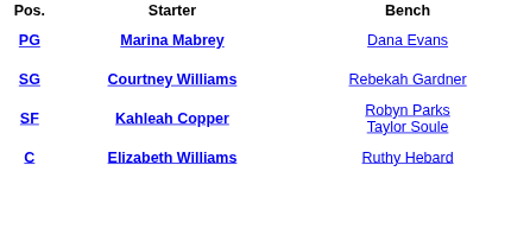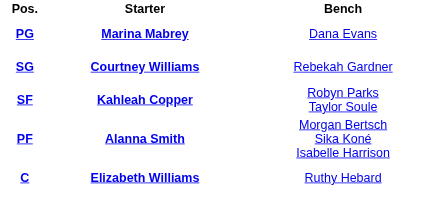 <table style="text-align:center; ">
 <tr>
 <th width="50">Pos.</th>
 <th width="250">Starter</th>
 <th width="250">Bench</th>
 </tr>
 <tr style="height:40px; background:white; color:#092C57">
 <th><a href='#'><span>PG</span></a></th>
 <td><strong><a href='#'>Marina Mabrey</a></strong></td>
 <td><a href='#'>Dana Evans</a></td>
 </tr>
 <tr style="height:40px; background:white; color:#092C57">
 <th><a href='#'><span>SG</span></a></th>
 <td><strong><a href='#'>Courtney Williams</a></strong></td>
 <td><a href='#'>Rebekah Gardner</a></td>
 </tr>
 <tr style="height:40px; background:white; color:#092C57">
 <th><a href='#'><span>SF</span></a></th>
 <td><strong><a href='#'>Kahleah Copper</a></strong></td>
 <td><a href='#'>Robyn Parks</a><br><a href='#'>Taylor Soule</a></td>
 </tr>
 <tr style="height:40px; background:white; color:#092C57">
+<th><a href='#'><span>PF</span></a></th>
+<td><strong><a href='#'>Alanna Smith</a></strong></td>
+<td><a href='#'>Morgan Bertsch</a><br><a href='#'>Sika Koné</a><br><a href='#'>Isabelle Harrison</a></td>
+</tr>
+<tr style="height:40px; background:white; color:#092C57">
 <th><a href='#'><span>C</span></a></th>
 <td><strong><a href='#'>Elizabeth Williams</a></strong></td>
 <td><a href='#'>Ruthy Hebard</a></td>
 </tr>
 </table>
